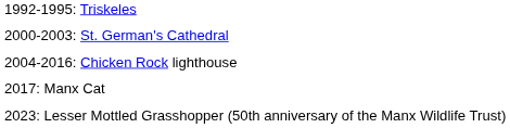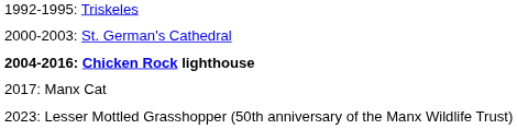 <table cellspacing="10px">
 <tr valign="top">
 <td>1992-1995: <a href='#'>Triskeles</a><br></td>
 </tr>
 <tr valign="top">
 <td>2000-2003: <a href='#'>St. German's Cathedral</a><br></td>
 </tr>
 <tr valign="top">
-<td>2004-2016: <a href='#'>Chicken Rock</a> lighthouse<br></td>
+<td><strong>2004-2016: <a href='#'>Chicken Rock</a> lighthouse<br></strong></td>
 </tr>
 <tr valign="top">
 <td>2017: Manx Cat</td>
 </tr>
 <tr valign="top">
 <td>2023: Lesser Mottled Grasshopper (50th anniversary of the Manx Wildlife Trust)</td>
 </tr>
 </table>
